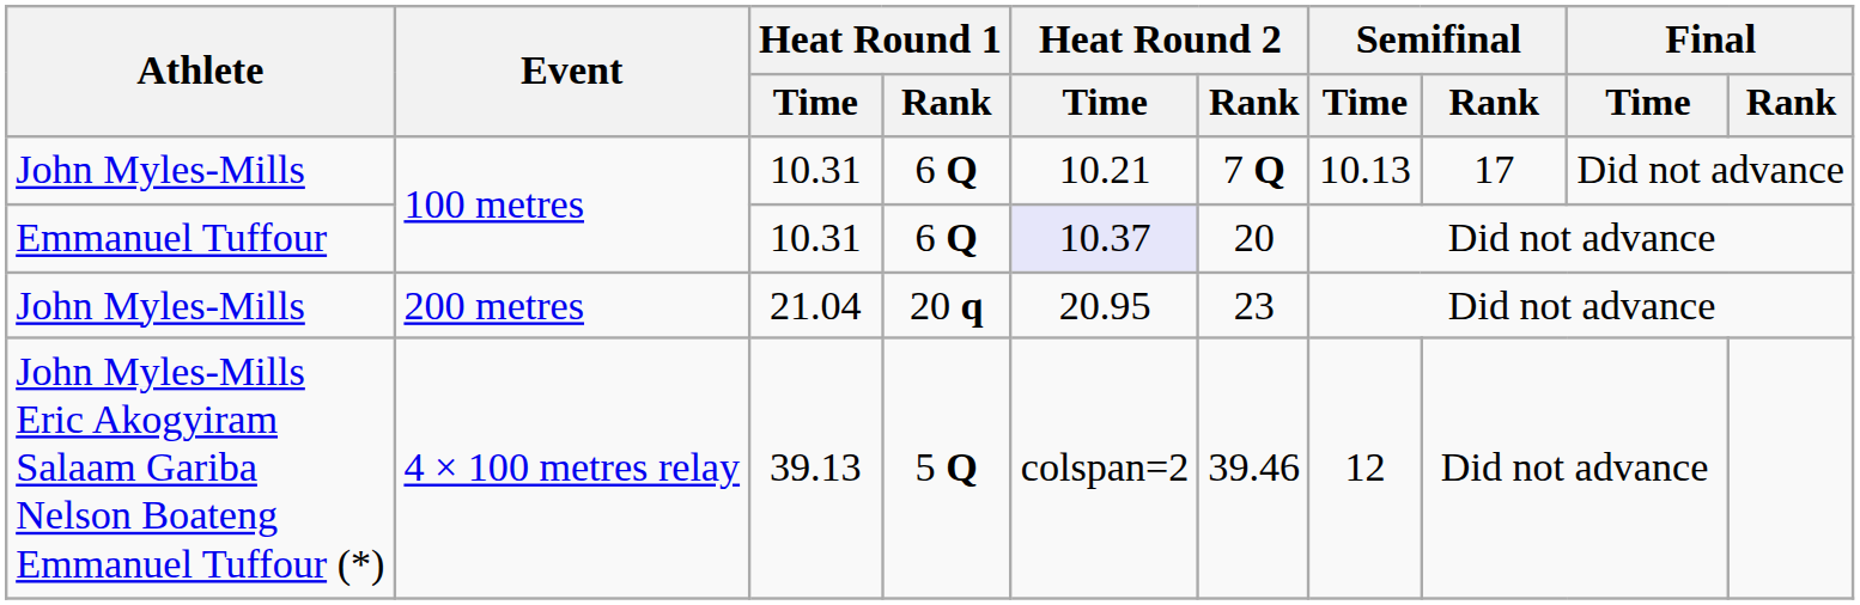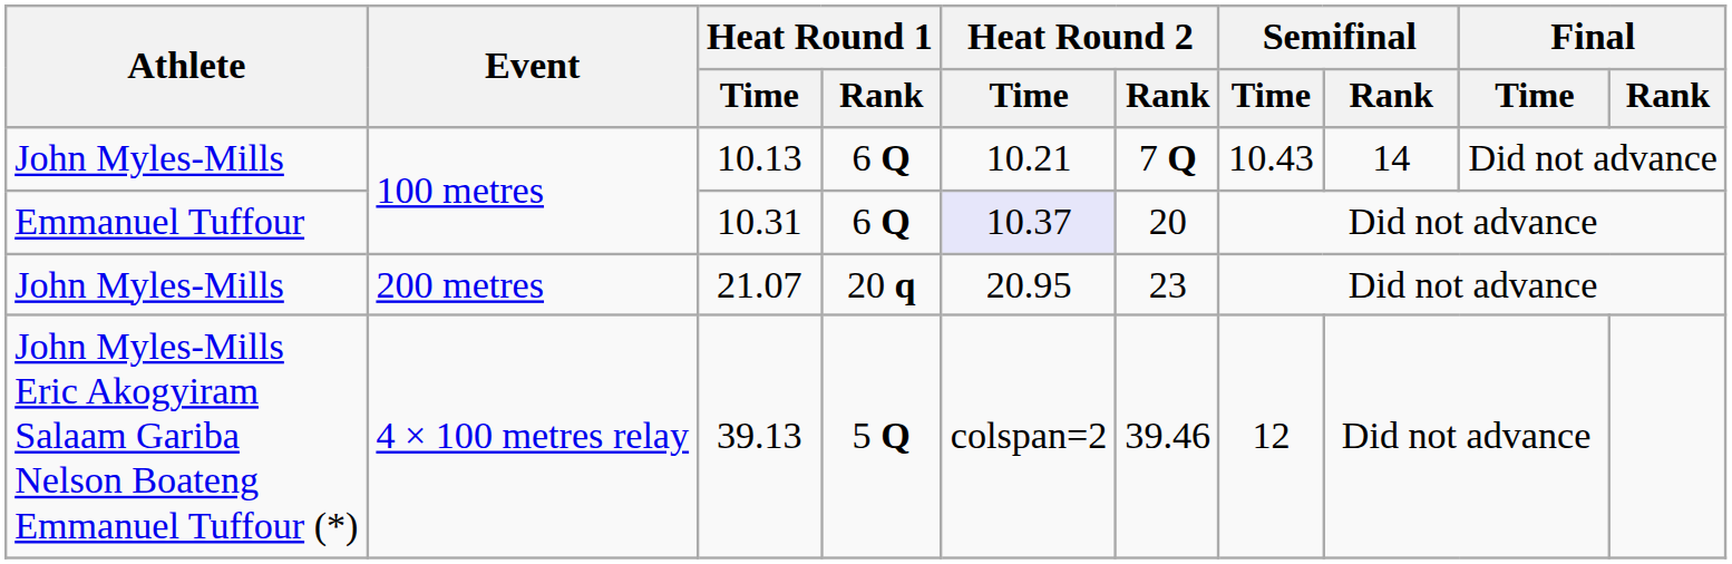 <table class=wikitable style="font-size:90%; text-align:center">
 <tr>
 <th rowspan=2>Athlete</th>
 <th rowspan=2>Event</th>
 <th colspan=2>Heat Round 1</th>
 <th colspan=2>Heat Round 2</th>
 <th colspan=2>Semifinal</th>
 <th colspan=2>Final</th>
 </tr>
 <tr style=font-size:95%>
 <th>Time</th>
 <th>Rank</th>
 <th>Time</th>
 <th>Rank</th>
 <th>Time</th>
 <th>Rank</th>
 <th>Time</th>
 <th>Rank</th>
 </tr>
 <tr align=center>
 <td align=left><a href='#'>John Myles-Mills</a></td>
 <td align=left rowspan=2><a href='#'>100 metres</a></td>
-<td>10.31</td>
+<td>10.13</td>
 <td>6 <strong>Q</strong></td>
 <td>10.21</td>
 <td>7 <strong>Q</strong></td>
-<td>10.13</td>
-<td>17</td>
+<td>10.43</td>
+<td>14</td>
 <td colspan=2>Did not advance</td>
 </tr>
 <tr align=center>
 <td align=left><a href='#'>Emmanuel Tuffour</a></td>
 <td>10.31</td>
 <td>6 <strong>Q</strong></td>
 <td style="background: lavender;">10.37</td>
 <td>20</td>
 <td colspan=4>Did not advance</td>
 </tr>
 <tr align=center>
 <td align=left><a href='#'>John Myles-Mills</a></td>
 <td align=left><a href='#'>200 metres</a></td>
-<td>21.04</td>
+<td>21.07</td>
 <td>20 <strong>q</strong></td>
 <td>20.95</td>
 <td>23</td>
 <td colspan=4>Did not advance</td>
 </tr>
 <tr align=center>
 <td align=left><a href='#'>John Myles-Mills</a><br><a href='#'>Eric Akogyiram</a><br><a href='#'>Salaam Gariba</a><br><a href='#'>Nelson Boateng</a><br><a href='#'>Emmanuel Tuffour</a> (*)</td>
 <td align=left><a href='#'>4 × 100 metres relay</a></td>
 <td>39.13</td>
 <td>5 <strong>Q</strong></td>
 <td>colspan=2</td>
 <td>39.46</td>
 <td>12</td>
 <td colspan=2>Did not advance</td>
 </tr>
 </table>
